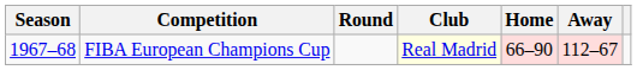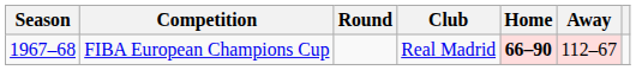 <table class="wikitable">
 <tr>
 <th>Season</th>
 <th>Competition</th>
 <th>Round</th>
 <th>Club</th>
 <th>Home</th>
 <th>Away</th>
 <th></th>
 </tr>
 <tr>
 <td rowspan="1"><a href='#'>1967–68</a></td>
 <td rowspan="1"><a href='#'>FIBA European Champions Cup</a></td>
 <td></td>
-<td style="background: lightyellow;"> <a href='#'>Real Madrid</a></td>
-<td style="text-align:center;" bgcolor=#fdd>66–90</td>
+<td> <a href='#'>Real Madrid</a></td>
+<td style="text-align:center;" bgcolor=#fdd><strong>66–90</strong></td>
 <td style="text-align:center;" bgcolor=#fdd>112–67</td>
 <td></td>
 </tr>
 <tr>
 </tr>
 <tr>
 </tr>
 </table>
